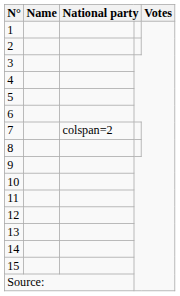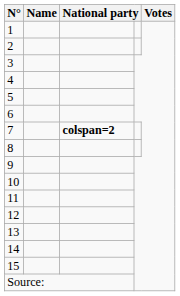 <table class="wikitable sortable" style="font-size:95%;line-height:14px;">
 <tr>
 <th>N°</th>
 <th>Name</th>
 <th colspan="2">National party</th>
 <th>Votes</th>
 </tr>
 <tr>
 <td>1</td>
 <td></td>
 <td></td>
 <td></td>
 </tr>
 <tr>
 <td>2</td>
 <td><em></em></td>
 <td></td>
 <td></td>
 </tr>
 <tr>
 <td>3</td>
 <td></td>
 <td></td>
 </tr>
 <tr>
 <td>4</td>
 <td></td>
 <td></td>
 </tr>
 <tr>
 <td>5</td>
 <td></td>
 <td></td>
 </tr>
 <tr>
 <td>6</td>
 <td></td>
 <td></td>
 </tr>
 <tr>
 <td>7</td>
 <td></td>
-<td>colspan=2 </td>
+<td><strong>colspan=2 </strong></td>
 <td></td>
 </tr>
 <tr>
 <td>8</td>
 <td></td>
 <td></td>
 <td></td>
 </tr>
 <tr>
 <td>9</td>
 <td></td>
 <td></td>
 </tr>
 <tr>
 <td>10</td>
 <td></td>
 <td></td>
 </tr>
 <tr>
 <td>11</td>
 <td></td>
 <td></td>
 </tr>
 <tr>
 <td>12</td>
 <td></td>
 <td></td>
 </tr>
 <tr>
 <td>13</td>
 <td></td>
 <td></td>
 </tr>
 <tr>
 <td>14</td>
 <td></td>
 <td></td>
 </tr>
 <tr>
 <td>15</td>
 <td></td>
 <td></td>
 </tr>
 <tr>
 <td colspan="3">Source: </td>
 </tr>
 </table>
